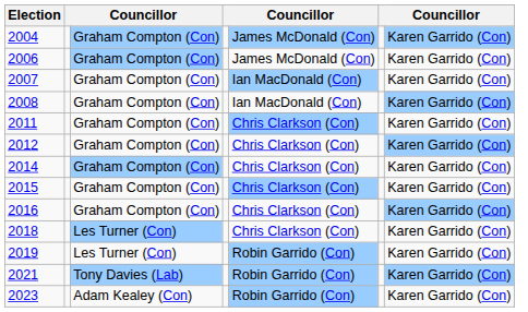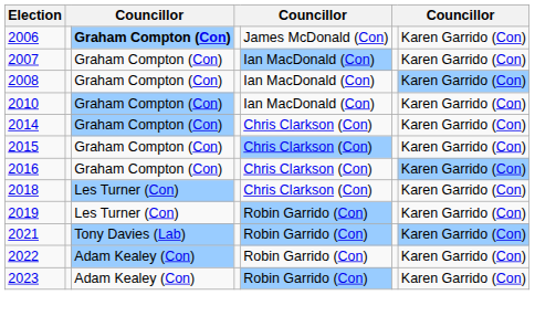 <table class="wikitable">
 <tr>
 <th>Election</th>
 <th colspan="2">Councillor</th>
 <th colspan="2">Councillor</th>
 <th colspan="2">Councillor</th>
 </tr>
 <tr>
-<td><a href='#'>2004</a></td>
-<td style="background-color: "></td>
-<td bgcolor="#99CCFF">Graham Compton (<a href='#'>Con</a>)</td>
-<td style="background-color: "></td>
-<td bgcolor="#99CCFF">James McDonald (<a href='#'>Con</a>)</td>
-<td style="background-color: "></td>
-<td bgcolor="#99CCFF">Karen Garrido (<a href='#'>Con</a>)</td>
-</tr>
-<tr>
 <td><a href='#'>2006</a></td>
 <td style="background-color: "></td>
-<td bgcolor="#99CCFF">Graham Compton (<a href='#'>Con</a>)</td>
+<td bgcolor="#99CCFF"><strong>Graham Compton (<a href='#'>Con</a>)</strong></td>
 <td style="background-color: "></td>
 <td>James McDonald (<a href='#'>Con</a>)</td>
 <td style="background-color: "></td>
 <td>Karen Garrido (<a href='#'>Con</a>)</td>
 </tr>
 <tr>
 <td><a href='#'>2007</a></td>
 <td style="background-color: "></td>
 <td>Graham Compton (<a href='#'>Con</a>)</td>
 <td style="background-color: "></td>
 <td bgcolor="#99CCFF">Ian MacDonald (<a href='#'>Con</a>)</td>
 <td style="background-color: "></td>
 <td>Karen Garrido (<a href='#'>Con</a>)</td>
 </tr>
 <tr>
 <td><a href='#'>2008</a></td>
 <td style="background-color: "></td>
 <td>Graham Compton (<a href='#'>Con</a>)</td>
 <td style="background-color: "></td>
 <td>Ian MacDonald (<a href='#'>Con</a>)</td>
 <td style="background-color: "></td>
 <td bgcolor="#99CCFF">Karen Garrido (<a href='#'>Con</a>)</td>
 </tr>
 <tr>
-<td><a href='#'>2011</a></td>
+<td><a href='#'>2010</a></td>
 <td style="background-color: "></td>
-<td>Graham Compton (<a href='#'>Con</a>)</td>
+<td bgcolor="#99CCFF">Graham Compton (<a href='#'>Con</a>)</td>
 <td style="background-color: "></td>
-<td bgcolor="#99CCFF"><a href='#'>Chris Clarkson</a> (<a href='#'>Con</a>)</td>
+<td>Ian MacDonald (<a href='#'>Con</a>)</td>
 <td style="background-color: "></td>
 <td>Karen Garrido (<a href='#'>Con</a>)</td>
-</tr>
-<tr>
-<td><a href='#'>2012</a></td>
-<td style="background-color: "></td>
-<td>Graham Compton (<a href='#'>Con</a>)</td>
-<td style="background-color: "></td>
-<td><a href='#'>Chris Clarkson</a> (<a href='#'>Con</a>)</td>
-<td style="background-color: "></td>
-<td bgcolor="#99CCFF">Karen Garrido (<a href='#'>Con</a>)</td>
 </tr>
 <tr>
 <td><a href='#'>2014</a></td>
 <td style="background-color: "></td>
 <td bgcolor="#99CCFF">Graham Compton (<a href='#'>Con</a>)</td>
 <td style="background-color: "></td>
 <td><a href='#'>Chris Clarkson</a> (<a href='#'>Con</a>)</td>
 <td style="background-color: "></td>
 <td>Karen Garrido (<a href='#'>Con</a>)</td>
 </tr>
 <tr>
 <td><a href='#'>2015</a></td>
 <td style="background-color: "></td>
 <td>Graham Compton (<a href='#'>Con</a>)</td>
 <td style="background-color: "></td>
 <td bgcolor="#99CCFF"><a href='#'>Chris Clarkson</a> (<a href='#'>Con</a>)</td>
 <td style="background-color: "></td>
 <td>Karen Garrido (<a href='#'>Con</a>)</td>
 </tr>
 <tr>
 <td><a href='#'>2016</a></td>
 <td style="background-color: "></td>
 <td>Graham Compton (<a href='#'>Con</a>)</td>
 <td style="background-color: "></td>
 <td><a href='#'>Chris Clarkson</a> (<a href='#'>Con</a>)</td>
 <td style="background-color: "></td>
 <td bgcolor="#99CCFF">Karen Garrido (<a href='#'>Con</a>)</td>
 </tr>
 <tr>
 <td><a href='#'>2018</a></td>
 <td style="background-color: "></td>
 <td bgcolor="#99CCFF">Les Turner (<a href='#'>Con</a>)</td>
 <td style="background-color: "></td>
 <td><a href='#'>Chris Clarkson</a> (<a href='#'>Con</a>)</td>
 <td style="background-color: "></td>
 <td>Karen Garrido (<a href='#'>Con</a>)</td>
 </tr>
 <tr>
 <td><a href='#'>2019</a></td>
 <td style="background-color: "></td>
 <td>Les Turner (<a href='#'>Con</a>)</td>
 <td style="background-color: "></td>
 <td bgcolor="#99CCFF">Robin Garrido (<a href='#'>Con</a>)</td>
 <td style="background-color: "></td>
 <td>Karen Garrido (<a href='#'>Con</a>)</td>
 </tr>
 <tr>
 <td><a href='#'>2021</a></td>
 <td style="background-color: "></td>
 <td bgcolor="#99CCFF">Tony Davies (<a href='#'>Lab</a>)</td>
 <td style="background-color: "></td>
 <td bgcolor="#99CCFF">Robin Garrido (<a href='#'>Con</a>)</td>
 <td style="background-color: "></td>
 <td bgcolor="#99CCFF">Karen Garrido (<a href='#'>Con</a>)</td>
 </tr>
 <tr>
+<td><a href='#'>2022</a></td>
+<td style="background-color: "></td>
+<td bgcolor="#99CCFF">Adam Kealey (<a href='#'>Con</a>)</td>
+<td style="background-color: "></td>
+<td>Robin Garrido (<a href='#'>Con</a>)</td>
+<td style="background-color: "></td>
+<td>Karen Garrido (<a href='#'>Con</a>)</td>
+</tr>
+<tr>
 <td><a href='#'>2023</a></td>
 <td style="background-color: "></td>
 <td>Adam Kealey (<a href='#'>Con</a>)</td>
 <td style="background-color: "></td>
 <td bgcolor="#99CCFF">Robin Garrido (<a href='#'>Con</a>)</td>
 <td style="background-color: "></td>
 <td>Karen Garrido (<a href='#'>Con</a>)</td>
 </tr>
 </table>
